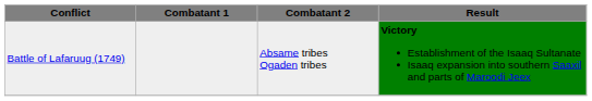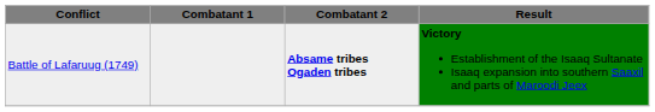 <table class="wikitable">
 <tr>
 <th style="background:grey" width="190"><span>Conflict</span></th>
 <th style="background:grey" width="175"><span>Combatant 1</span></th>
 <th style="background:grey" width="175"><span>Combatant 2</span></th>
 <th style="background:grey" width="305"><span>Result</span></th>
 </tr>
 <tr>
 <td style="background:#efefef"><a href='#'>Battle of Lafaruug (1749)</a></td>
 <td style="background:#efefef"><br></td>
-<td style="background:#efefef"><a href='#'>Absame</a> tribes<br><a href='#'>Ogaden</a> tribes</td>
+<td style="background:#efefef"><strong><a href='#'>Absame</a> tribes<br><a href='#'>Ogaden</a> tribes</strong></td>
 <td style="background:Green"><strong>Victory</strong><br><ul><li>Establishment of the Isaaq Sultanate</li><li>Isaaq expansion into southern <a href='#'>Saaxil</a> and parts of <a href='#'>Maroodi Jeex</a></li></ul></td>
 </tr>
 <tr>
 </tr>
 </table>
